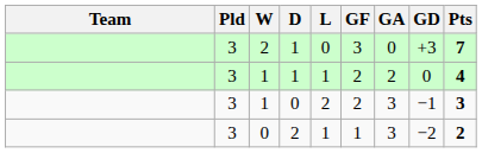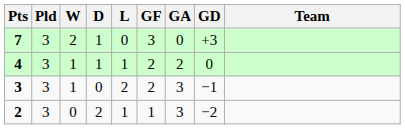 <table class="wikitable" style="text-align:center;">
 <tr>
-<th width=180>Team</th>
+<th width=20>Pts</th>
 <th width=20>Pld</th>
 <th width=20>W</th>
 <th width=20>D</th>
 <th width=20>L</th>
 <th width=20>GF</th>
 <th width=20>GA</th>
 <th width=20>GD</th>
-<th width=20>Pts</th>
+<th width=180>Team</th>
 </tr>
 <tr bgcolor="ccffcc">
-<td align="left"></td>
+<td><strong>7</strong></td>
 <td>3</td>
 <td>2</td>
 <td>1</td>
 <td>0</td>
 <td>3</td>
 <td>0</td>
 <td>+3</td>
-<td><strong>7</strong></td>
+<td align="left"></td>
 </tr>
 <tr bgcolor="ccffcc">
-<td align="left"></td>
+<td><strong>4</strong></td>
 <td>3</td>
 <td>1</td>
 <td>1</td>
 <td>1</td>
 <td>2</td>
 <td>2</td>
 <td>0</td>
-<td><strong>4</strong></td>
+<td align="left"></td>
 </tr>
 <tr>
-<td align="left"></td>
+<td><strong>3</strong></td>
 <td>3</td>
 <td>1</td>
 <td>0</td>
 <td>2</td>
 <td>2</td>
 <td>3</td>
 <td>−1</td>
-<td><strong>3</strong></td>
+<td align="left"></td>
 </tr>
 <tr>
-<td align="left"></td>
+<td><strong>2</strong></td>
 <td>3</td>
 <td>0</td>
 <td>2</td>
 <td>1</td>
 <td>1</td>
 <td>3</td>
 <td>−2</td>
-<td><strong>2</strong></td>
+<td align="left"></td>
 </tr>
 </table>
